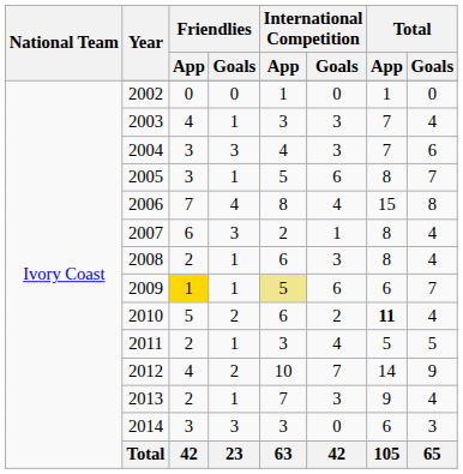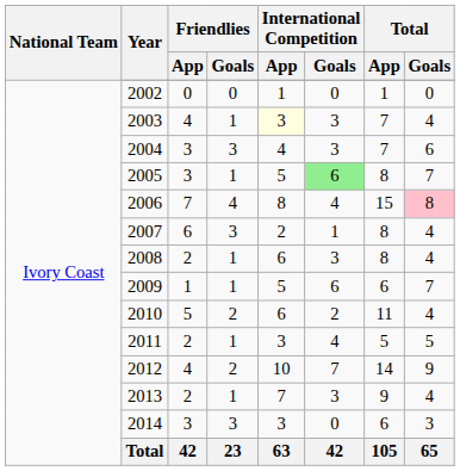 <table class="wikitable" style="text-align:center">
 <tr>
 <th rowspan="2">National Team</th>
 <th rowspan="2">Year</th>
 <th colspan="2">Friendlies</th>
 <th colspan="2">International<br>Competition</th>
 <th colspan="2">Total</th>
 </tr>
 <tr>
 <th>App</th>
 <th>Goals</th>
 <th>App</th>
 <th>Goals</th>
 <th>App</th>
 <th>Goals</th>
 </tr>
 <tr>
 <td rowspan="15"><a href='#'>Ivory Coast</a></td>
 </tr>
 <tr>
 <td>2002</td>
 <td>0</td>
 <td>0</td>
 <td>1</td>
 <td>0</td>
 <td>1</td>
 <td>0</td>
 </tr>
 <tr>
 <td>2003</td>
 <td>4</td>
 <td>1</td>
-<td>3</td>
+<td style="background: lightyellow;">3</td>
 <td>3</td>
 <td>7</td>
 <td>4</td>
 </tr>
 <tr>
 <td>2004</td>
 <td>3</td>
 <td>3</td>
 <td>4</td>
 <td>3</td>
 <td>7</td>
 <td>6</td>
 </tr>
 <tr>
 <td>2005</td>
 <td>3</td>
 <td>1</td>
 <td>5</td>
-<td>6</td>
+<td style="background: lightgreen;">6</td>
 <td>8</td>
 <td>7</td>
 </tr>
 <tr>
 <td>2006</td>
 <td>7</td>
 <td>4</td>
 <td>8</td>
 <td>4</td>
 <td>15</td>
-<td>8</td>
+<td style="background: pink;">8</td>
 </tr>
 <tr>
 <td>2007</td>
 <td>6</td>
 <td>3</td>
 <td>2</td>
 <td>1</td>
 <td>8</td>
 <td>4</td>
 </tr>
 <tr>
 <td>2008</td>
 <td>2</td>
 <td>1</td>
 <td>6</td>
 <td>3</td>
 <td>8</td>
 <td>4</td>
 </tr>
 <tr>
 <td>2009</td>
-<td style="background: gold;">1</td>
 <td>1</td>
-<td style="background: khaki;">5</td>
+<td>1</td>
+<td>5</td>
 <td>6</td>
 <td>6</td>
 <td>7</td>
 </tr>
 <tr>
 <td>2010</td>
 <td>5</td>
 <td>2</td>
 <td>6</td>
 <td>2</td>
-<td><strong>11</strong></td>
+<td>11</td>
 <td>4</td>
 </tr>
 <tr>
 <td>2011</td>
 <td>2</td>
 <td>1</td>
 <td>3</td>
 <td>4</td>
 <td>5</td>
 <td>5</td>
 </tr>
 <tr>
 <td>2012</td>
 <td>4</td>
 <td>2</td>
 <td>10</td>
 <td>7</td>
 <td>14</td>
 <td>9</td>
 </tr>
 <tr>
 <td>2013</td>
 <td>2</td>
 <td>1</td>
 <td>7</td>
 <td>3</td>
 <td>9</td>
 <td>4</td>
 </tr>
 <tr>
 <td>2014</td>
 <td>3</td>
 <td>3</td>
 <td>3</td>
 <td>0</td>
 <td>6</td>
 <td>3</td>
 </tr>
 <tr>
 <th>Total</th>
 <th>42</th>
 <th>23</th>
 <th>63</th>
 <th>42</th>
 <th>105</th>
 <th>65</th>
 </tr>
 </table>
